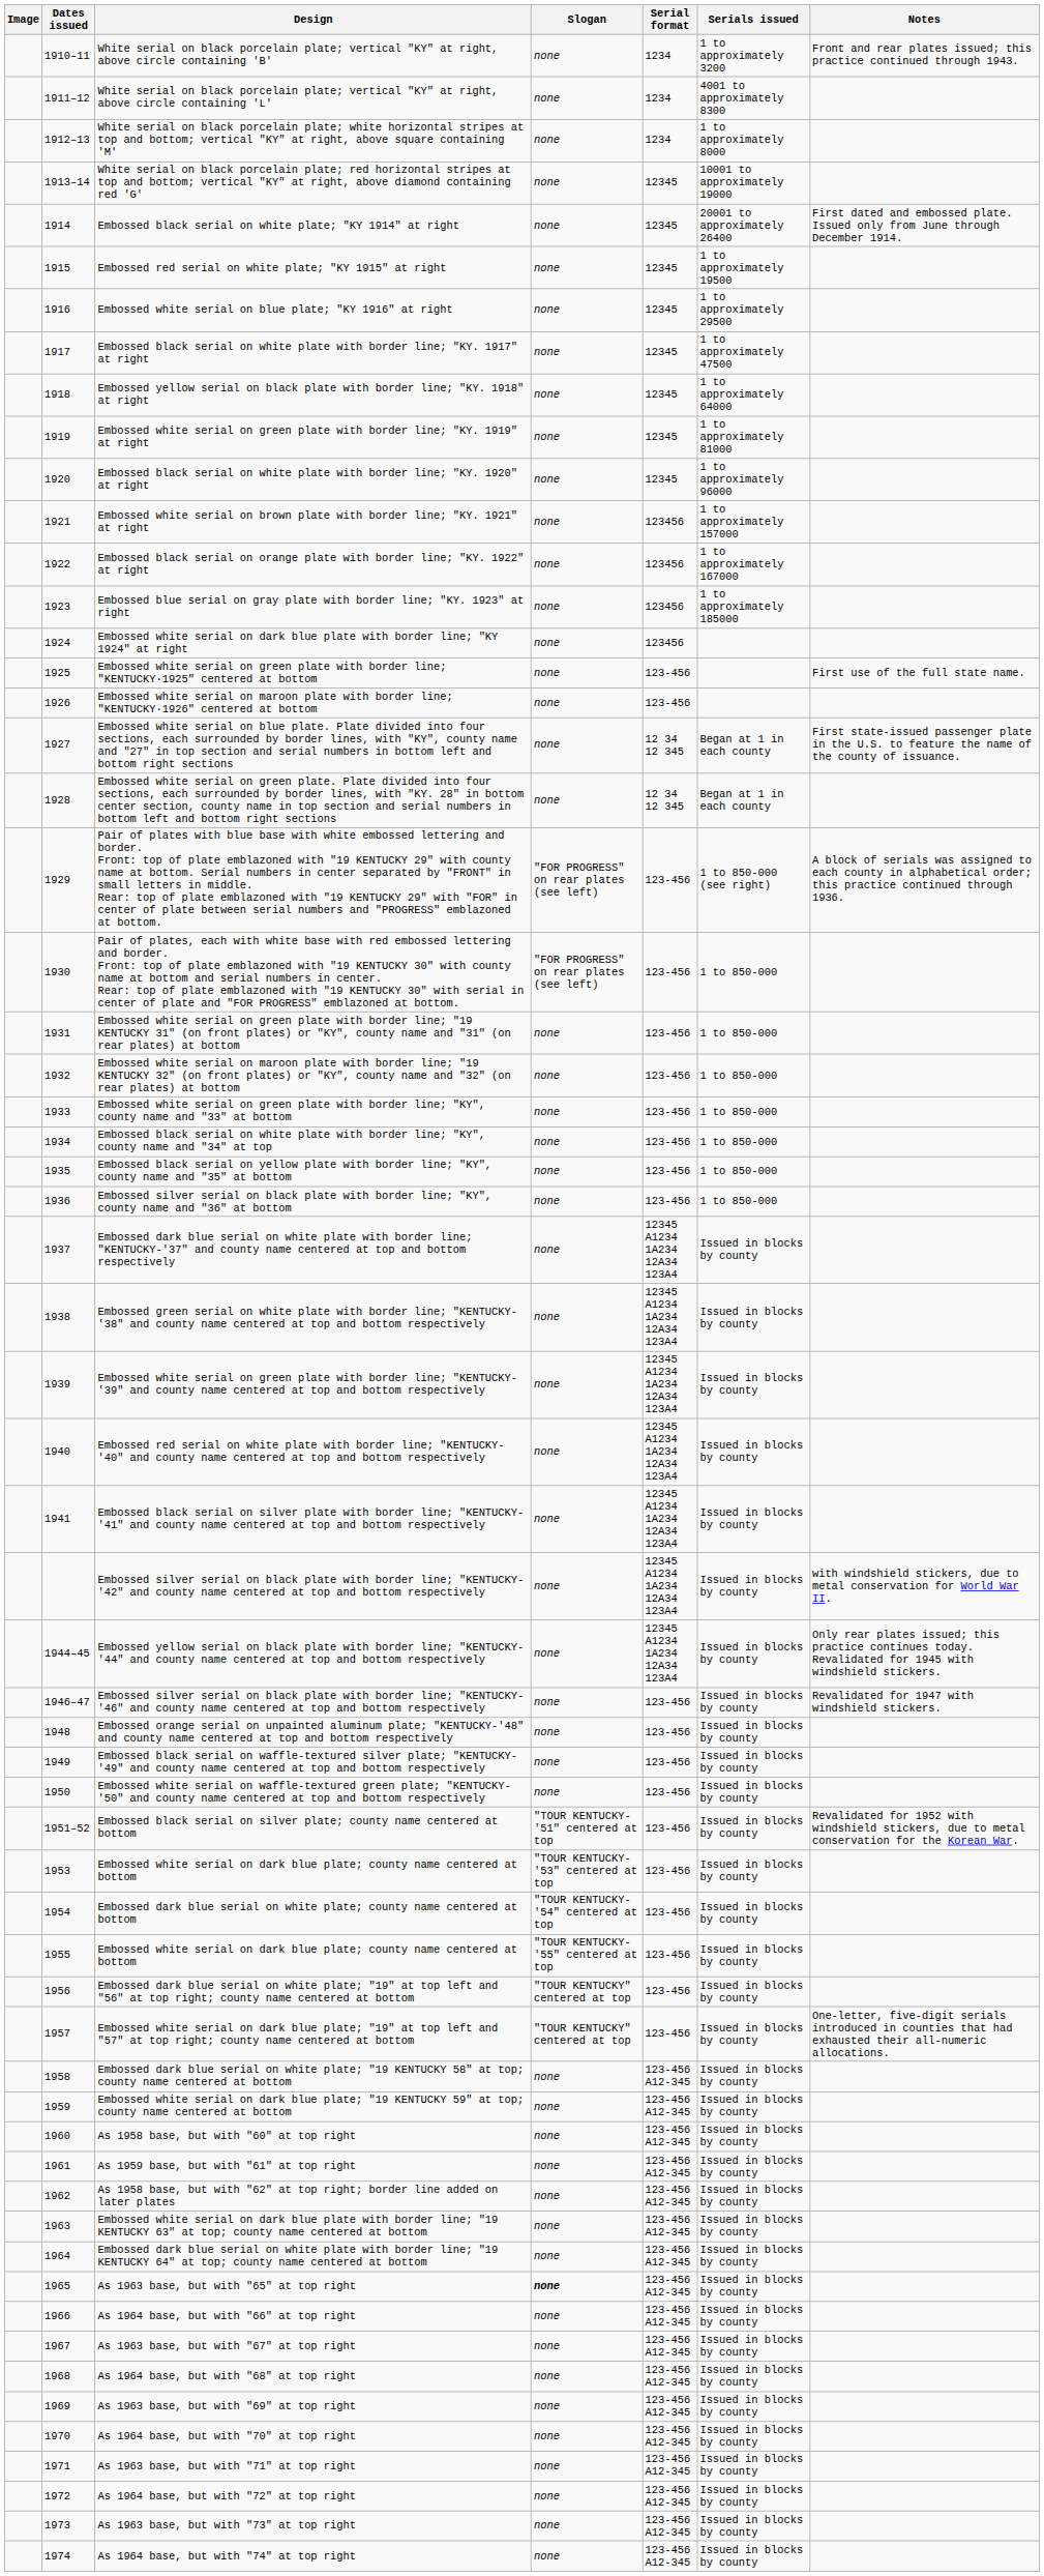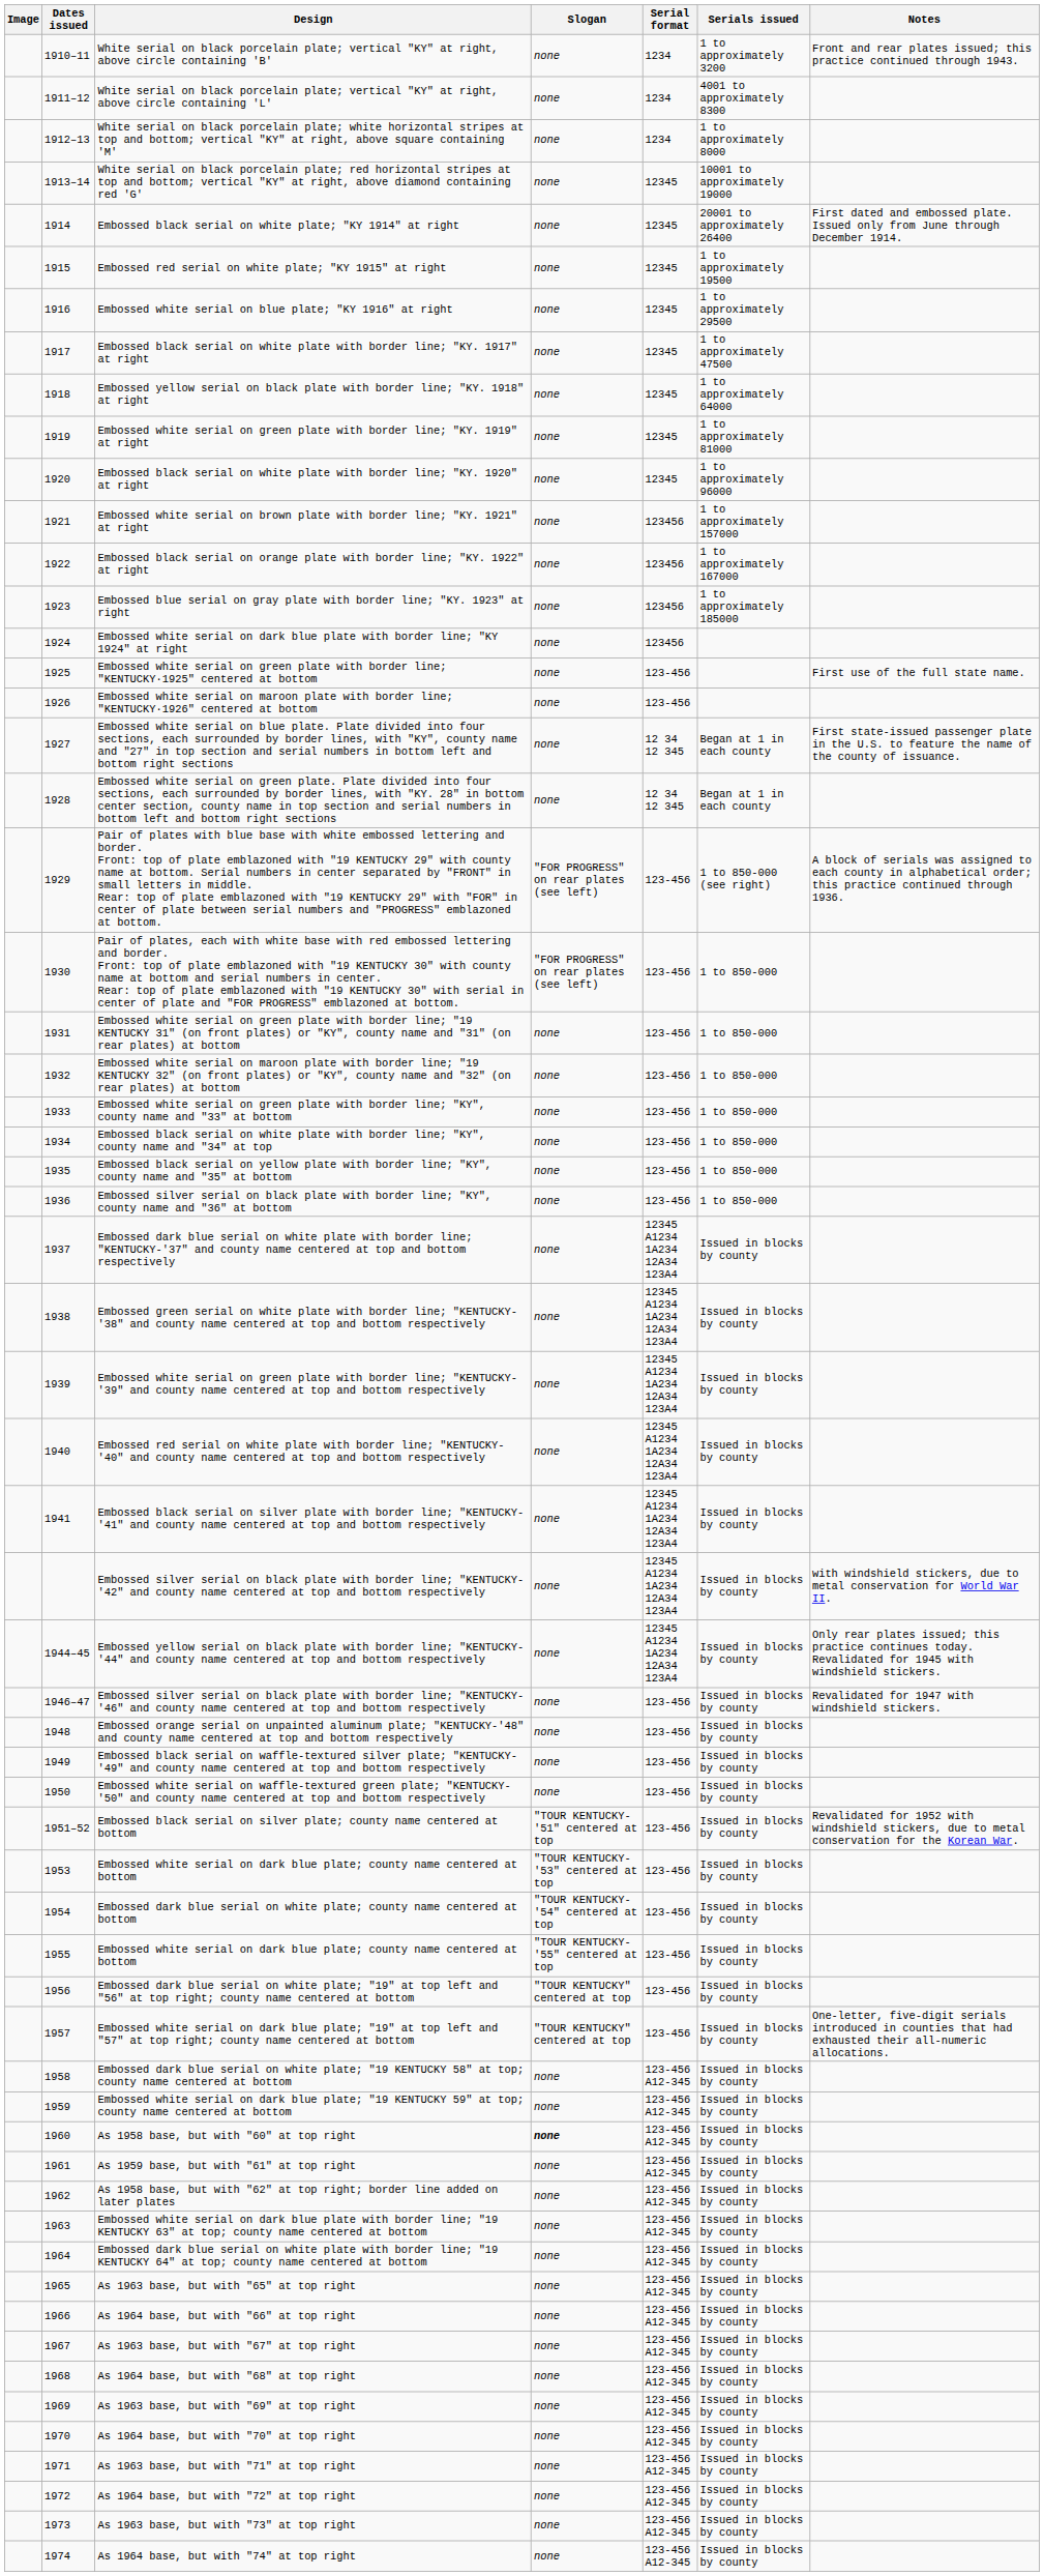 <table class="wikitable">
 <tr>
 <th>Image</th>
 <th>Dates issued</th>
 <th>Design</th>
 <th>Slogan</th>
 <th>Serial format</th>
 <th>Serials issued</th>
 <th>Notes</th>
 </tr>
 <tr>
 <td></td>
 <td>1910–11</td>
 <td>White serial on black porcelain plate; vertical "KY" at right, above circle containing 'B'</td>
 <td><em>none</em></td>
 <td>1234</td>
 <td>1 to approximately 3200</td>
 <td>Front and rear plates issued; this practice continued through 1943.</td>
 </tr>
 <tr>
 <td></td>
 <td>1911–12</td>
 <td>White serial on black porcelain plate; vertical "KY" at right, above circle containing 'L'</td>
 <td><em>none</em></td>
 <td>1234</td>
 <td>4001 to approximately 8300</td>
 <td></td>
 </tr>
 <tr>
 <td></td>
 <td>1912–13</td>
 <td>White serial on black porcelain plate; white horizontal stripes at top and bottom; vertical "KY" at right, above square containing 'M'</td>
 <td><em>none</em></td>
 <td>1234</td>
 <td>1 to approximately 8000</td>
 <td></td>
 </tr>
 <tr>
 <td></td>
 <td>1913–14</td>
 <td>White serial on black porcelain plate; red horizontal stripes at top and bottom; vertical "KY" at right, above diamond containing red 'G'</td>
 <td><em>none</em></td>
 <td>12345</td>
 <td>10001 to approximately 19000</td>
 <td></td>
 </tr>
 <tr>
 <td></td>
 <td>1914</td>
 <td>Embossed black serial on white plate; "KY 1914" at right</td>
 <td><em>none</em></td>
 <td>12345</td>
 <td>20001 to approximately 26400</td>
 <td>First dated and embossed plate. Issued only from June through December 1914.</td>
 </tr>
 <tr>
 <td></td>
 <td>1915</td>
 <td>Embossed red serial on white plate; "KY 1915" at right</td>
 <td><em>none</em></td>
 <td>12345</td>
 <td>1 to approximately 19500</td>
 <td></td>
 </tr>
 <tr>
 <td></td>
 <td>1916</td>
 <td>Embossed white serial on blue plate; "KY 1916" at right</td>
 <td><em>none</em></td>
 <td>12345</td>
 <td>1 to approximately 29500</td>
 <td></td>
 </tr>
 <tr>
 <td></td>
 <td>1917</td>
 <td>Embossed black serial on white plate with border line; "KY. 1917" at right</td>
 <td><em>none</em></td>
 <td>12345</td>
 <td>1 to approximately 47500</td>
 <td></td>
 </tr>
 <tr>
 <td></td>
 <td>1918</td>
 <td>Embossed yellow serial on black plate with border line; "KY. 1918" at right</td>
 <td><em>none</em></td>
 <td>12345</td>
 <td>1 to approximately 64000</td>
 <td></td>
 </tr>
 <tr>
 <td></td>
 <td>1919</td>
 <td>Embossed white serial on green plate with border line; "KY. 1919" at right</td>
 <td><em>none</em></td>
 <td>12345</td>
 <td>1 to approximately 81000</td>
 <td></td>
 </tr>
 <tr>
 <td></td>
 <td>1920</td>
 <td>Embossed black serial on white plate with border line; "KY. 1920" at right</td>
 <td><em>none</em></td>
 <td>12345</td>
 <td>1 to approximately 96000</td>
 <td></td>
 </tr>
 <tr>
 <td></td>
 <td>1921</td>
 <td>Embossed white serial on brown plate with border line; "KY. 1921" at right</td>
 <td><em>none</em></td>
 <td>123456</td>
 <td>1 to approximately 157000</td>
 <td></td>
 </tr>
 <tr>
 <td></td>
 <td>1922</td>
 <td>Embossed black serial on orange plate with border line; "KY. 1922" at right</td>
 <td><em>none</em></td>
 <td>123456</td>
 <td>1 to approximately 167000</td>
 <td></td>
 </tr>
 <tr>
 <td></td>
 <td>1923</td>
 <td>Embossed blue serial on gray plate with border line; "KY. 1923" at right</td>
 <td><em>none</em></td>
 <td>123456</td>
 <td>1 to approximately 185000</td>
 <td></td>
 </tr>
 <tr>
 <td></td>
 <td>1924</td>
 <td>Embossed white serial on dark blue plate with border line; "KY 1924" at right</td>
 <td><em>none</em></td>
 <td>123456</td>
 <td></td>
 <td></td>
 </tr>
 <tr>
 <td></td>
 <td>1925</td>
 <td>Embossed white serial on green plate with border line; "KENTUCKY·1925" centered at bottom</td>
 <td><em>none</em></td>
 <td>123-456</td>
 <td></td>
 <td>First use of the full state name.</td>
 </tr>
 <tr>
 <td></td>
 <td>1926</td>
 <td>Embossed white serial on maroon plate with border line; "KENTUCKY·1926" centered at bottom</td>
 <td><em>none</em></td>
 <td>123-456</td>
 <td></td>
 <td></td>
 </tr>
 <tr>
 <td></td>
 <td>1927</td>
 <td>Embossed white serial on blue plate. Plate divided into four sections, each surrounded by border lines, with "KY", county name and "27" in top section and serial numbers in bottom left and bottom right sections</td>
 <td><em>none</em></td>
 <td>12 34<br>12 345</td>
 <td>Began at 1 in each county</td>
 <td>First state-issued passenger plate in the U.S. to feature the name of the county of issuance.</td>
 </tr>
 <tr>
 <td></td>
 <td>1928</td>
 <td>Embossed white serial on green plate. Plate divided into four sections, each surrounded by border lines, with "KY. 28" in bottom center section, county name in top section and serial numbers in bottom left and bottom right sections</td>
 <td><em>none</em></td>
 <td>12 34<br>12 345</td>
 <td>Began at 1 in each county</td>
 <td></td>
 </tr>
 <tr>
 <td> </td>
 <td>1929</td>
 <td>Pair of plates with blue base with white embossed lettering and border.<br>Front: top of plate emblazoned with "19 KENTUCKY 29" with county name at bottom. Serial numbers in center separated by "FRONT" in small letters in middle.<br>Rear: top of plate emblazoned with "19 KENTUCKY 29" with "FOR" in center of plate between serial numbers and "PROGRESS" emblazoned at bottom.</td>
 <td>"FOR PROGRESS" on rear plates (see left)</td>
 <td>123-456</td>
 <td>1 to 850-000 (see right)</td>
 <td>A block of serials was assigned to each county in alphabetical order; this practice continued through 1936.</td>
 </tr>
 <tr>
 <td> </td>
 <td>1930</td>
 <td>Pair of plates, each with white base with red embossed lettering and border.<br>Front: top of plate emblazoned with "19 KENTUCKY 30" with county name at bottom and serial numbers in center.<br>Rear: top of plate emblazoned with "19 KENTUCKY 30" with serial in center of plate and "FOR PROGRESS" emblazoned at bottom.</td>
 <td>"FOR PROGRESS" on rear plates (see left)</td>
 <td>123-456</td>
 <td>1 to 850-000</td>
 <td></td>
 </tr>
 <tr>
 <td></td>
 <td>1931</td>
 <td>Embossed white serial on green plate with border line; "19 KENTUCKY 31" (on front plates) or "KY", county name and "31" (on rear plates) at bottom</td>
 <td><em>none</em></td>
 <td>123-456</td>
 <td>1 to 850-000</td>
 <td></td>
 </tr>
 <tr>
 <td> </td>
 <td>1932</td>
 <td>Embossed white serial on maroon plate with border line; "19 KENTUCKY 32" (on front plates) or "KY", county name and "32" (on rear plates) at bottom</td>
 <td><em>none</em></td>
 <td>123-456</td>
 <td>1 to 850-000</td>
 <td></td>
 </tr>
 <tr>
 <td></td>
 <td>1933</td>
 <td>Embossed white serial on green plate with border line; "KY", county name and "33" at bottom</td>
 <td><em>none</em></td>
 <td>123-456</td>
 <td>1 to 850-000</td>
 <td></td>
 </tr>
 <tr>
 <td></td>
 <td>1934</td>
 <td>Embossed black serial on white plate with border line; "KY", county name and "34" at top</td>
 <td><em>none</em></td>
 <td>123-456</td>
 <td>1 to 850-000</td>
 <td></td>
 </tr>
 <tr>
 <td></td>
 <td>1935</td>
 <td>Embossed black serial on yellow plate with border line; "KY", county name and "35" at bottom</td>
 <td><em>none</em></td>
 <td>123-456</td>
 <td>1 to 850-000</td>
 <td></td>
 </tr>
 <tr>
 <td></td>
 <td>1936</td>
 <td>Embossed silver serial on black plate with border line; "KY", county name and "36" at bottom</td>
 <td><em>none</em></td>
 <td>123-456</td>
 <td>1 to 850-000</td>
 <td></td>
 </tr>
 <tr>
 <td></td>
 <td>1937</td>
 <td>Embossed dark blue serial on white plate with border line; "KENTUCKY-'37" and county name centered at top and bottom respectively</td>
 <td><em>none</em></td>
 <td>12345<br>A1234<br>1A234<br>12A34<br>123A4</td>
 <td>Issued in blocks by county</td>
 <td></td>
 </tr>
 <tr>
 <td></td>
 <td>1938</td>
 <td>Embossed green serial on white plate with border line; "KENTUCKY-'38" and county name centered at top and bottom respectively</td>
 <td><em>none</em></td>
 <td>12345<br>A1234<br>1A234<br>12A34<br>123A4</td>
 <td>Issued in blocks by county</td>
 <td></td>
 </tr>
 <tr>
 <td></td>
 <td>1939</td>
 <td>Embossed white serial on green plate with border line; "KENTUCKY-'39" and county name centered at top and bottom respectively</td>
 <td><em>none</em></td>
 <td>12345<br>A1234<br>1A234<br>12A34<br>123A4</td>
 <td>Issued in blocks by county</td>
 <td></td>
 </tr>
 <tr>
 <td></td>
 <td>1940</td>
 <td>Embossed red serial on white plate with border line; "KENTUCKY-'40" and county name centered at top and bottom respectively</td>
 <td><em>none</em></td>
 <td>12345<br>A1234<br>1A234<br>12A34<br>123A4</td>
 <td>Issued in blocks by county</td>
 <td></td>
 </tr>
 <tr>
 <td></td>
 <td>1941</td>
 <td>Embossed black serial on silver plate with border line; "KENTUCKY-'41" and county name centered at top and bottom respectively</td>
 <td><em>none</em></td>
 <td>12345<br>A1234<br>1A234<br>12A34<br>123A4</td>
 <td>Issued in blocks by county</td>
 <td></td>
 </tr>
 <tr>
 <td></td>
 <td></td>
 <td>Embossed silver serial on black plate with border line; "KENTUCKY-'42" and county name centered at top and bottom respectively</td>
 <td><em>none</em></td>
 <td>12345<br>A1234<br>1A234<br>12A34<br>123A4</td>
 <td>Issued in blocks by county</td>
 <td> with windshield stickers, due to metal conservation for <a href='#'>World War II</a>.</td>
 </tr>
 <tr>
 <td></td>
 <td>1944–45</td>
 <td>Embossed yellow serial on black plate with border line; "KENTUCKY-'44" and county name centered at top and bottom respectively</td>
 <td><em>none</em></td>
 <td>12345<br>A1234<br>1A234<br>12A34<br>123A4</td>
 <td>Issued in blocks by county</td>
 <td>Only rear plates issued; this practice continues today. Revalidated for 1945 with windshield stickers.</td>
 </tr>
 <tr>
 <td></td>
 <td>1946–47</td>
 <td>Embossed silver serial on black plate with border line; "KENTUCKY-'46" and county name centered at top and bottom respectively</td>
 <td><em>none</em></td>
 <td>123-456</td>
 <td>Issued in blocks by county</td>
 <td>Revalidated for 1947 with windshield stickers.</td>
 </tr>
 <tr>
 <td></td>
 <td>1948</td>
 <td>Embossed orange serial on unpainted aluminum plate; "KENTUCKY-'48" and county name centered at top and bottom respectively</td>
 <td><em>none</em></td>
 <td>123-456</td>
 <td>Issued in blocks by county</td>
 <td></td>
 </tr>
 <tr>
 <td></td>
 <td>1949</td>
 <td>Embossed black serial on waffle-textured silver plate; "KENTUCKY-'49" and county name centered at top and bottom respectively</td>
 <td><em>none</em></td>
 <td>123-456</td>
 <td>Issued in blocks by county</td>
 <td></td>
 </tr>
 <tr>
 <td></td>
 <td>1950</td>
 <td>Embossed white serial on waffle-textured green plate; "KENTUCKY-'50" and county name centered at top and bottom respectively</td>
 <td><em>none</em></td>
 <td>123-456</td>
 <td>Issued in blocks by county</td>
 <td></td>
 </tr>
 <tr>
 <td></td>
 <td>1951–52</td>
 <td>Embossed black serial on silver plate; county name centered at bottom</td>
 <td>"TOUR KENTUCKY-'51" centered at top</td>
 <td>123-456</td>
 <td>Issued in blocks by county</td>
 <td>Revalidated for 1952 with windshield stickers, due to metal conservation for the <a href='#'>Korean War</a>.</td>
 </tr>
 <tr>
 <td></td>
 <td>1953</td>
 <td>Embossed white serial on dark blue plate; county name centered at bottom</td>
 <td>"TOUR KENTUCKY-'53" centered at top</td>
 <td>123-456</td>
 <td>Issued in blocks by county</td>
 <td></td>
 </tr>
 <tr>
 <td></td>
 <td>1954</td>
 <td>Embossed dark blue serial on white plate; county name centered at bottom</td>
 <td>"TOUR KENTUCKY-'54" centered at top</td>
 <td>123-456</td>
 <td>Issued in blocks by county</td>
 <td></td>
 </tr>
 <tr>
 <td></td>
 <td>1955</td>
 <td>Embossed white serial on dark blue plate; county name centered at bottom</td>
 <td>"TOUR KENTUCKY-'55" centered at top</td>
 <td>123-456</td>
 <td>Issued in blocks by county</td>
 <td></td>
 </tr>
 <tr>
 <td></td>
 <td>1956</td>
 <td>Embossed dark blue serial on white plate; "19" at top left and "56" at top right; county name centered at bottom</td>
 <td>"TOUR KENTUCKY" centered at top</td>
 <td>123-456</td>
 <td>Issued in blocks by county</td>
 <td></td>
 </tr>
 <tr>
 <td></td>
 <td>1957</td>
 <td>Embossed white serial on dark blue plate; "19" at top left and "57" at top right; county name centered at bottom</td>
 <td>"TOUR KENTUCKY" centered at top</td>
 <td>123-456<br></td>
 <td>Issued in blocks by county</td>
 <td>One-letter, five-digit serials introduced in counties that had exhausted their all-numeric allocations.</td>
 </tr>
 <tr>
 <td></td>
 <td>1958</td>
 <td>Embossed dark blue serial on white plate; "19 KENTUCKY 58" at top; county name centered at bottom</td>
 <td><em>none</em></td>
 <td>123-456<br>A12-345</td>
 <td>Issued in blocks by county</td>
 <td></td>
 </tr>
 <tr>
 <td></td>
 <td>1959</td>
 <td>Embossed white serial on dark blue plate; "19 KENTUCKY 59" at top; county name centered at bottom</td>
 <td><em>none</em></td>
 <td>123-456<br>A12-345</td>
 <td>Issued in blocks by county</td>
 <td></td>
 </tr>
 <tr>
 <td></td>
 <td>1960</td>
 <td>As 1958 base, but with "60" at top right</td>
-<td><em>none</em></td>
+<td><strong><em>none</em></strong></td>
 <td>123-456<br>A12-345</td>
 <td>Issued in blocks by county</td>
 <td></td>
 </tr>
 <tr>
 <td></td>
 <td>1961</td>
 <td>As 1959 base, but with "61" at top right</td>
 <td><em>none</em></td>
 <td>123-456<br>A12-345</td>
 <td>Issued in blocks by county</td>
 <td></td>
 </tr>
 <tr>
 <td></td>
 <td>1962</td>
 <td>As 1958 base, but with "62" at top right; border line added on later plates</td>
 <td><em>none</em></td>
 <td>123-456<br>A12-345</td>
 <td>Issued in blocks by county</td>
 <td></td>
 </tr>
 <tr>
 <td></td>
 <td>1963</td>
 <td>Embossed white serial on dark blue plate with border line; "19 KENTUCKY 63" at top; county name centered at bottom</td>
 <td><em>none</em></td>
 <td>123-456<br>A12-345</td>
 <td>Issued in blocks by county</td>
 <td></td>
 </tr>
 <tr>
 <td></td>
 <td>1964</td>
 <td>Embossed dark blue serial on white plate with border line; "19 KENTUCKY 64" at top; county name centered at bottom</td>
 <td><em>none</em></td>
 <td>123-456<br>A12-345</td>
 <td>Issued in blocks by county</td>
 <td></td>
 </tr>
 <tr>
 <td></td>
 <td>1965</td>
 <td>As 1963 base, but with "65" at top right</td>
-<td><strong><em>none</em></strong></td>
+<td><em>none</em></td>
 <td>123-456<br>A12-345</td>
 <td>Issued in blocks by county</td>
 <td></td>
 </tr>
 <tr>
 <td></td>
 <td>1966</td>
 <td>As 1964 base, but with "66" at top right</td>
 <td><em>none</em></td>
 <td>123-456<br>A12-345</td>
 <td>Issued in blocks by county</td>
 <td></td>
 </tr>
 <tr>
 <td></td>
 <td>1967</td>
 <td>As 1963 base, but with "67" at top right</td>
 <td><em>none</em></td>
 <td>123-456<br>A12-345</td>
 <td>Issued in blocks by county</td>
 <td></td>
 </tr>
 <tr>
 <td></td>
 <td>1968</td>
 <td>As 1964 base, but with "68" at top right</td>
 <td><em>none</em></td>
 <td>123-456<br>A12-345</td>
 <td>Issued in blocks by county</td>
 <td></td>
 </tr>
 <tr>
 <td></td>
 <td>1969</td>
 <td>As 1963 base, but with "69" at top right</td>
 <td><em>none</em></td>
 <td>123-456<br>A12-345</td>
 <td>Issued in blocks by county</td>
 <td></td>
 </tr>
 <tr>
 <td></td>
 <td>1970</td>
 <td>As 1964 base, but with "70" at top right</td>
 <td><em>none</em></td>
 <td>123-456<br>A12-345</td>
 <td>Issued in blocks by county</td>
 <td></td>
 </tr>
 <tr>
 <td></td>
 <td>1971</td>
 <td>As 1963 base, but with "71" at top right</td>
 <td><em>none</em></td>
 <td>123-456<br>A12-345</td>
 <td>Issued in blocks by county</td>
 <td></td>
 </tr>
 <tr>
 <td></td>
 <td>1972</td>
 <td>As 1964 base, but with "72" at top right</td>
 <td><em>none</em></td>
 <td>123-456<br>A12-345</td>
 <td>Issued in blocks by county</td>
 <td></td>
 </tr>
 <tr>
 <td></td>
 <td>1973</td>
 <td>As 1963 base, but with "73" at top right</td>
 <td><em>none</em></td>
 <td>123-456<br>A12-345</td>
 <td>Issued in blocks by county</td>
 <td></td>
 </tr>
 <tr>
 <td></td>
 <td>1974</td>
 <td>As 1964 base, but with "74" at top right</td>
 <td><em>none</em></td>
 <td>123-456<br>A12-345</td>
 <td>Issued in blocks by county</td>
 <td></td>
 </tr>
 </table>
